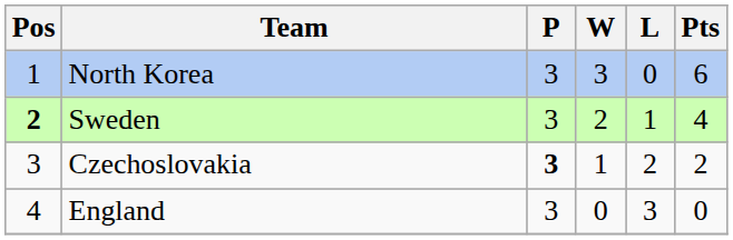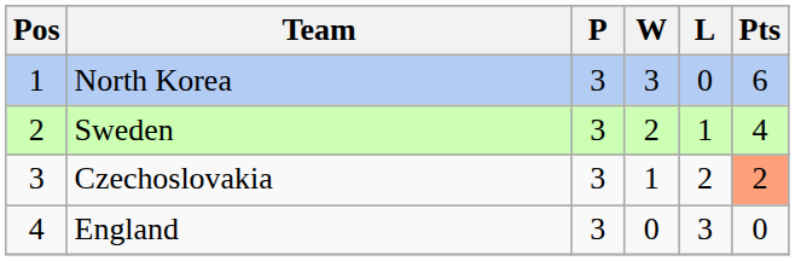 <table class="wikitable" style="font-size: 100%">
 <tr>
 <th width=15>Pos</th>
 <th width=250>Team</th>
 <th width=20>P</th>
 <th width=20>W</th>
 <th width=20>L</th>
 <th width=20>Pts</th>
 </tr>
 <tr align=center style="background: #b2ccf4;">
 <td>1</td>
 <td align="left"> North Korea</td>
 <td>3</td>
 <td>3</td>
 <td>0</td>
 <td>6</td>
 </tr>
 <tr align=center style="background: #ccffb3;">
-<td><strong>2</strong></td>
+<td>2</td>
 <td align="left"> Sweden</td>
 <td>3</td>
 <td>2</td>
 <td>1</td>
 <td>4</td>
 </tr>
 <tr align=center>
 <td>3</td>
 <td align="left"> Czechoslovakia</td>
-<td><strong>3</strong></td>
+<td>3</td>
 <td>1</td>
 <td>2</td>
-<td>2</td>
+<td style="background: lightsalmon;">2</td>
 </tr>
 <tr align=center>
 <td>4</td>
 <td align="left"> England</td>
 <td>3</td>
 <td>0</td>
 <td>3</td>
 <td>0</td>
 </tr>
 <tr align=center>
 </tr>
 </table>
